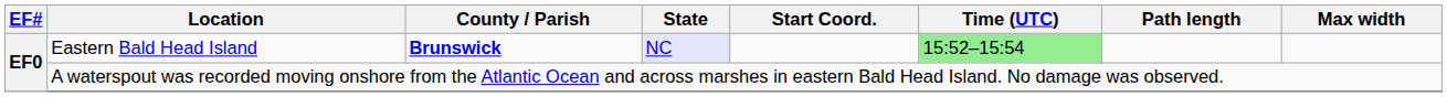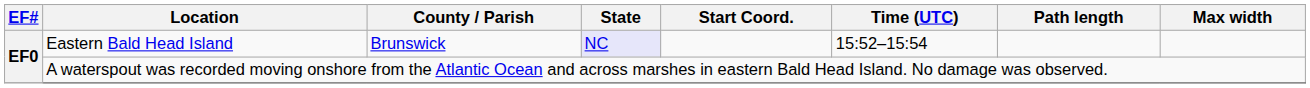 <table class="wikitable sortable" style="width:100%;">
 <tr>
 <th scope="col" width="2%" align="center"><a href='#'>EF#</a></th>
 <th scope="col" align="center" class="unsortable">Location</th>
 <th scope="col" align="center" class="unsortable">County / Parish</th>
 <th scope="col" align="center">State</th>
 <th scope="col" align="center">Start Coord.</th>
 <th scope="col" align="center">Time (<a href='#'>UTC</a>)</th>
 <th scope="col" align="center">Path length</th>
 <th scope="col" align="center">Max width</th>
 </tr>
 <tr>
 <th scope="row" rowspan="2" style="background-color:#">EF0</th>
 <td>Eastern <a href='#'>Bald Head Island</a></td>
-<td><strong><a href='#'>Brunswick</a></strong></td>
+<td><a href='#'>Brunswick</a></td>
 <td style="background: lavender;"><a href='#'>NC</a></td>
 <td></td>
-<td style="background: lightgreen;">15:52–15:54</td>
+<td>15:52–15:54</td>
 <td></td>
 <td></td>
 </tr>
 <tr class="expand-child">
 <td colspan="8" style=" border-bottom: 1px solid black;">A waterspout was recorded moving onshore from the <a href='#'>Atlantic Ocean</a> and across marshes in eastern Bald Head Island. No damage was observed.</td>
 </tr>
 <tr>
 </tr>
 </table>
